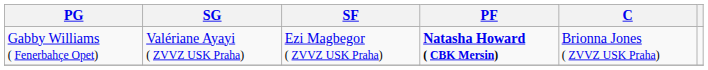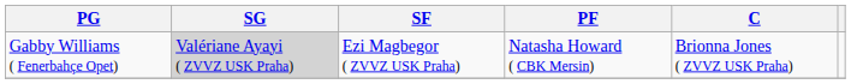 <table class="wikitable sortable" style="text-align: center;">
 <tr>
 <th style="width:150px;"><a href='#'>PG</a></th>
 <th style="width:150px;"><a href='#'>SG</a></th>
 <th style="width:150px;"><a href='#'>SF</a></th>
 <th style="width:150px;"><a href='#'>PF</a></th>
 <th style="width:150px;"><a href='#'>C</a></th>
 <th></th>
 </tr>
 <tr>
 <td style="text-align:left;"> <a href='#'>Gabby Williams</a><br><small>( <a href='#'>Fenerbahçe Opet</a>)</small></td>
-<td style="text-align:left;"> <a href='#'>Valériane Ayayi</a><br><small>( <a href='#'>ZVVZ USK Praha</a>)</small></td>
+<td style="background: lightgrey; text-align:left;"> <a href='#'>Valériane Ayayi</a><br><small>( <a href='#'>ZVVZ USK Praha</a>)</small></td>
 <td style="text-align:left;"> <a href='#'>Ezi Magbegor</a><br><small>( <a href='#'>ZVVZ USK Praha</a>)</small></td>
-<td style="text-align:left;"><strong> <a href='#'>Natasha Howard</a><br><small>( <a href='#'>CBK Mersin</a>)</small></strong></td>
+<td style="text-align:left;"> <a href='#'>Natasha Howard</a><br><small>( <a href='#'>CBK Mersin</a>)</small></td>
 <td style="text-align:left;"> <a href='#'>Brionna Jones</a><br><small>( <a href='#'>ZVVZ USK Praha</a>)</small></td>
 <td></td>
 </tr>
 <tr>
 </tr>
 </table>
